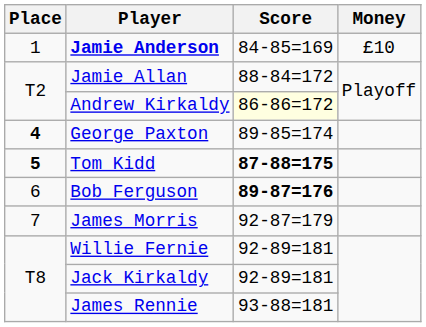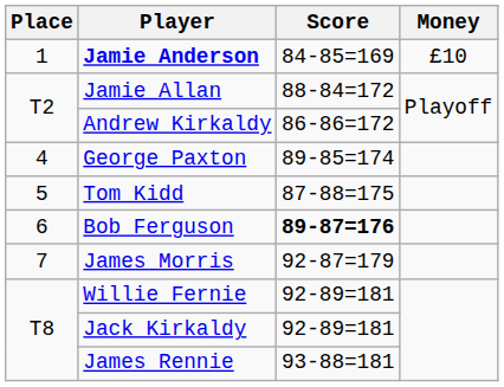 <table class=wikitable>
 <tr>
 <th>Place</th>
 <th>Player</th>
 <th>Score</th>
 <th>Money</th>
 </tr>
 <tr>
 <td align=center>1</td>
 <td> <strong><a href='#'>Jamie Anderson</a></strong></td>
 <td>84-85=169</td>
 <td align=center>£10</td>
 </tr>
 <tr>
 <td rowspan=2 align=center>T2</td>
 <td> <a href='#'>Jamie Allan</a></td>
 <td>88-84=172</td>
 <td rowspan=2 align=center>Playoff</td>
 </tr>
 <tr>
 <td> <a href='#'>Andrew Kirkaldy</a></td>
-<td style="background: lightyellow;">86-86=172</td>
+<td>86-86=172</td>
 </tr>
 <tr>
-<td align=center><strong>4</strong></td>
+<td align=center>4</td>
 <td> <a href='#'>George Paxton</a></td>
 <td>89-85=174</td>
 <td></td>
 </tr>
 <tr>
-<td align=center><strong>5</strong></td>
+<td align=center>5</td>
 <td> <a href='#'>Tom Kidd</a></td>
-<td><strong>87-88=175</strong></td>
+<td>87-88=175</td>
 <td></td>
 </tr>
 <tr>
 <td align=center>6</td>
 <td> <a href='#'>Bob Ferguson</a></td>
 <td><strong>89-87=176</strong></td>
 <td></td>
 </tr>
 <tr>
 <td align=center>7</td>
 <td> <a href='#'>James Morris</a></td>
 <td align=right>92-87=179</td>
 <td></td>
 </tr>
 <tr>
 <td rowspan=3 align=center>T8</td>
 <td> <a href='#'>Willie Fernie</a></td>
 <td align=right>92-89=181</td>
 <td rowspan=3 align=center></td>
 </tr>
 <tr>
 <td> <a href='#'>Jack Kirkaldy</a></td>
 <td align=right>92-89=181</td>
 </tr>
 <tr>
 <td> <a href='#'>James Rennie</a></td>
 <td>93-88=181</td>
 </tr>
 </table>
